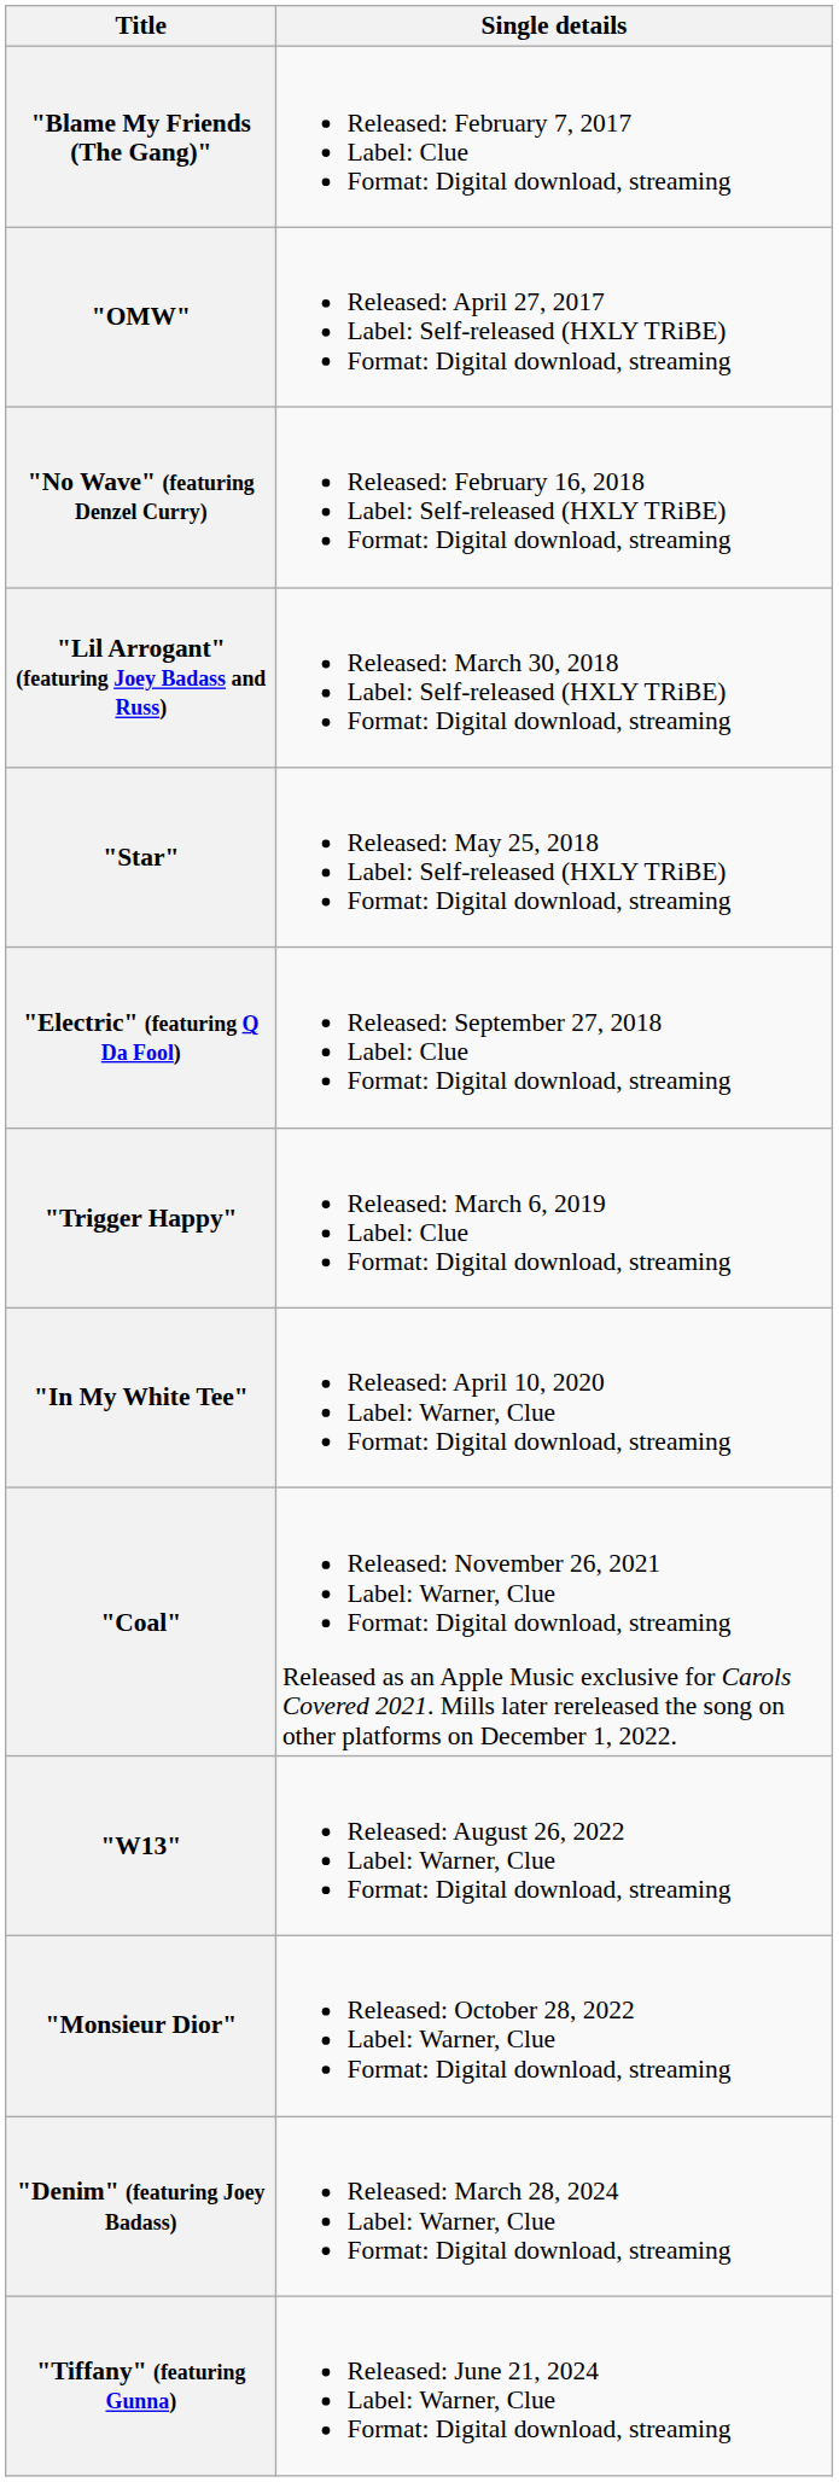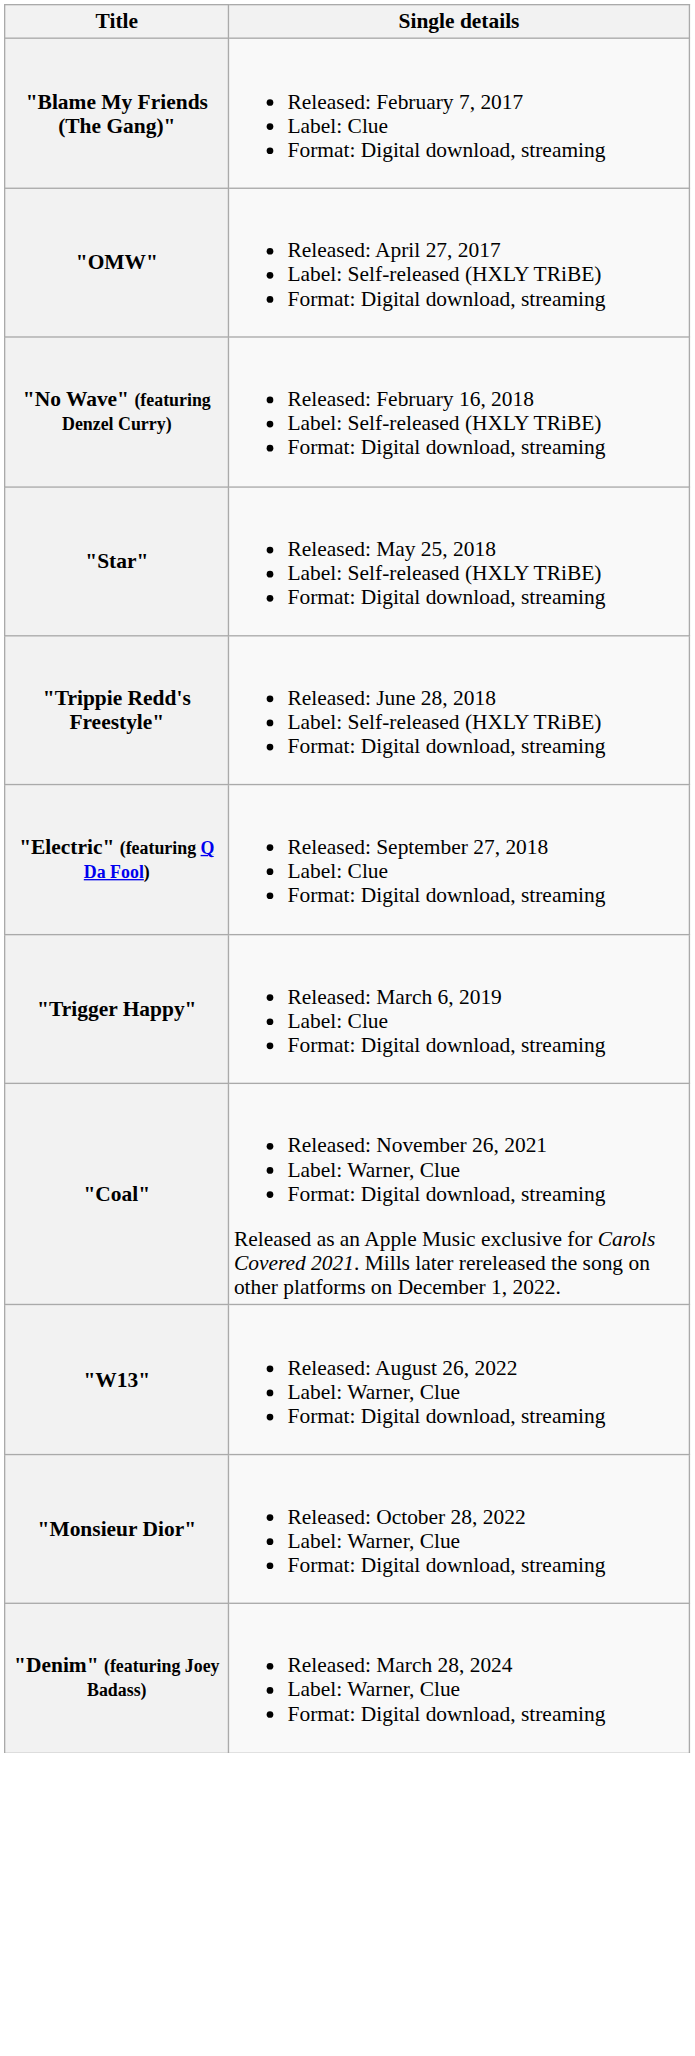 <table class="wikitable plainrowheaders">
 <tr>
 <th scope="col" style="width:10em;">Title</th>
 <th scope="col" style="width:21em;">Single details</th>
 </tr>
 <tr>
 <th scope="row">"Blame My Friends (The Gang)"</th>
 <td><br><ul><li>Released: February 7, 2017</li><li>Label: Clue</li><li>Format: Digital download, streaming</li></ul></td>
 </tr>
 <tr>
 <th scope="row">"OMW"</th>
 <td><br><ul><li>Released: April 27, 2017</li><li>Label: Self-released (HXLY TRiBE)</li><li>Format: Digital download, streaming</li></ul></td>
 </tr>
 <tr>
 <th scope="row">"No Wave" <small>(featuring Denzel Curry)</small></th>
 <td><br><ul><li>Released: February 16, 2018</li><li>Label: Self-released (HXLY TRiBE)</li><li>Format: Digital download, streaming</li></ul></td>
 </tr>
 <tr>
-<th scope="row">"Lil Arrogant" <small>(featuring <a href='#'>Joey Badass</a> and <a href='#'>Russ</a>)</small></th>
-<td><br><ul><li>Released: March 30, 2018</li><li>Label: Self-released (HXLY TRiBE)</li><li>Format: Digital download, streaming</li></ul></td>
+<th scope="row">"Star"</th>
+<td><br><ul><li>Released: May 25, 2018</li><li>Label: Self-released (HXLY TRiBE)</li><li>Format: Digital download, streaming</li></ul></td>
 </tr>
 <tr>
-<th scope="row">"Star"</th>
-<td><br><ul><li>Released: May 25, 2018</li><li>Label: Self-released (HXLY TRiBE)</li><li>Format: Digital download, streaming</li></ul></td>
+<th scope="row">"Trippie Redd's Freestyle"</th>
+<td><br><ul><li>Released: June 28, 2018</li><li>Label: Self-released (HXLY TRiBE)</li><li>Format: Digital download, streaming</li></ul></td>
 </tr>
 <tr>
 <th scope="row">"Electric" <small>(featuring <a href='#'>Q Da Fool</a>)</small></th>
 <td><br><ul><li>Released: September 27, 2018</li><li>Label: Clue</li><li>Format: Digital download, streaming</li></ul></td>
 </tr>
 <tr>
 <th scope="row">"Trigger Happy"</th>
 <td><br><ul><li>Released: March 6, 2019</li><li>Label: Clue</li><li>Format: Digital download, streaming</li></ul></td>
-</tr>
-<tr>
-<th scope="row">"In My White Tee"</th>
-<td><br><ul><li>Released: April 10, 2020</li><li>Label: Warner, Clue</li><li>Format: Digital download, streaming</li></ul></td>
 </tr>
 <tr>
 <th scope="row">"Coal"</th>
 <td><br><ul><li>Released: November 26, 2021</li><li>Label: Warner, Clue</li><li>Format: Digital download, streaming</li></ul>Released as an Apple Music exclusive for <em>Carols Covered 2021</em>. Mills later rereleased the song on other platforms on December 1, 2022.</td>
 </tr>
 <tr>
 <th scope="row">"W13"</th>
 <td><br><ul><li>Released: August 26, 2022</li><li>Label: Warner, Clue</li><li>Format: Digital download, streaming</li></ul></td>
 </tr>
 <tr>
 <th scope="row">"Monsieur Dior"</th>
 <td><br><ul><li>Released: October 28, 2022</li><li>Label: Warner, Clue</li><li>Format: Digital download, streaming</li></ul></td>
 </tr>
 <tr>
 <th scope="row">"Denim" <small>(featuring Joey Badass)</small></th>
 <td><br><ul><li>Released: March 28, 2024</li><li>Label: Warner, Clue</li><li>Format: Digital download, streaming</li></ul></td>
 </tr>
-<tr>
-<th scope="row">"Tiffany" <small>(featuring <a href='#'>Gunna</a>)</small></th>
-<td><br><ul><li>Released: June 21, 2024</li><li>Label: Warner, Clue</li><li>Format: Digital download, streaming</li></ul></td>
-</tr>
 </table>
